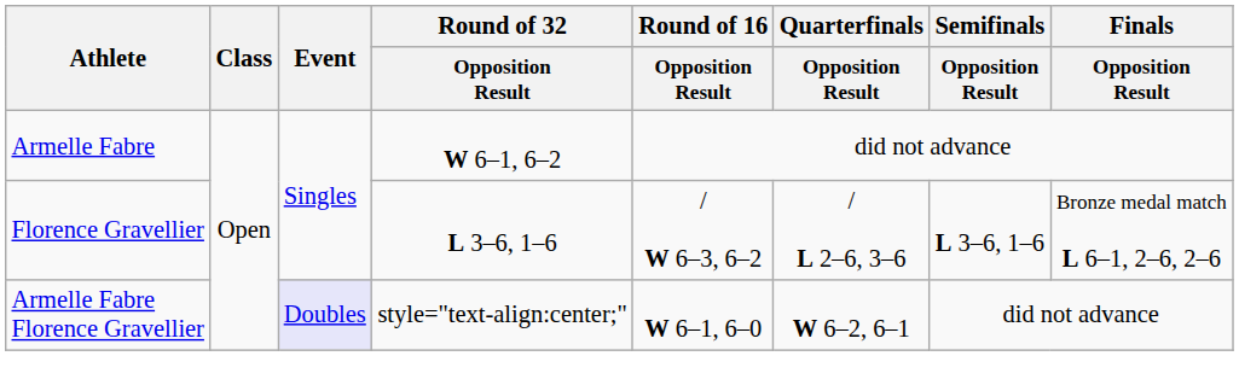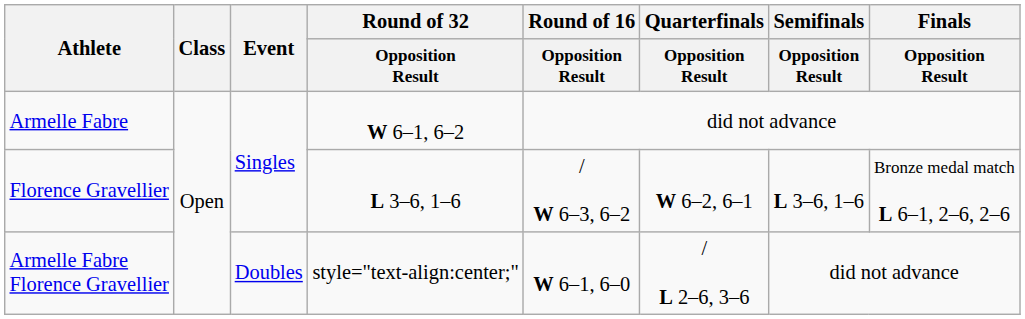 <table class=wikitable style="font-size:90%">
 <tr>
 <th rowspan="2">Athlete</th>
 <th rowspan="2">Class</th>
 <th rowspan="2">Event</th>
 <th>Round of 32</th>
 <th>Round of 16</th>
 <th>Quarterfinals</th>
 <th>Semifinals</th>
 <th>Finals</th>
 </tr>
 <tr>
 <th style="line-height:1em"><small>Opposition<br>Result</small></th>
 <th style="line-height:1em"><small>Opposition<br>Result</small></th>
 <th style="line-height:1em"><small>Opposition<br>Result</small></th>
 <th style="line-height:1em"><small>Opposition<br>Result</small></th>
 <th style="line-height:1em"><small>Opposition<br>Result</small></th>
 </tr>
 <tr>
 <td><a href='#'>Armelle Fabre</a></td>
 <td rowspan="3" style="text-align:center;">Open</td>
 <td rowspan="2"><a href='#'>Singles</a></td>
 <td style="text-align:center;"><br> <strong>W</strong> 6–1, 6–2</td>
 <td style="text-align:center;" colspan="4">did not advance</td>
 </tr>
 <tr>
 <td><a href='#'>Florence Gravellier</a></td>
 <td style="text-align:center;"><br> <strong>L</strong> 3–6, 1–6</td>
 <td style="text-align:center;"> /<br> <br> <strong>W</strong> 6–3, 6–2</td>
-<td style="text-align:center;"> /<br> <br> <strong>L</strong> 2–6, 3–6</td>
+<td style="text-align:center;"><br> <strong>W</strong> 6–2, 6–1</td>
 <td style="text-align:center;"><br> <strong>L</strong> 3–6, 1–6</td>
 <td style="text-align:center;"><small>Bronze medal match</small><br><br> <strong>L</strong> 6–1, 2–6, 2–6</td>
 </tr>
 <tr>
 <td><a href='#'>Armelle Fabre</a><br> <a href='#'>Florence Gravellier</a></td>
-<td style="background: lavender;"><a href='#'>Doubles</a></td>
+<td><a href='#'>Doubles</a></td>
 <td>style="text-align:center;" </td>
 <td style="text-align:center;"><br> <strong>W</strong> 6–1, 6–0</td>
-<td style="text-align:center;"><br> <strong>W</strong> 6–2, 6–1</td>
+<td style="text-align:center;"> /<br> <br> <strong>L</strong> 2–6, 3–6</td>
 <td style="text-align:center;" colspan="2">did not advance</td>
 </tr>
 </table>
